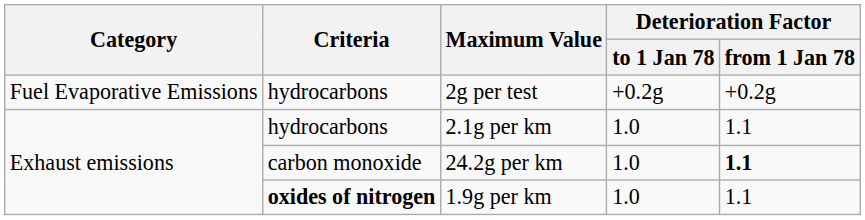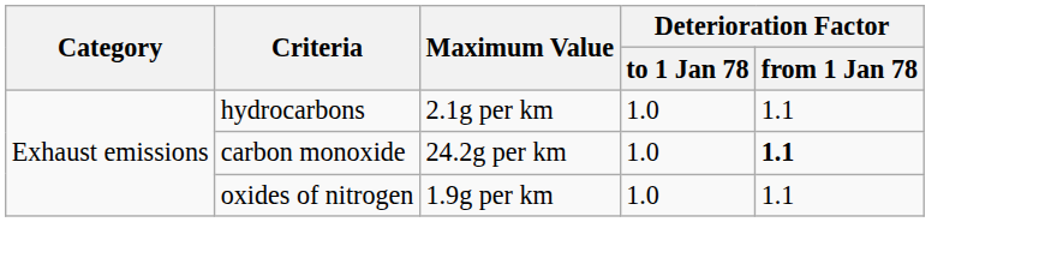 <table class="wikitable">
 <tr>
 <th rowspan="2">Category</th>
 <th rowspan="2">Criteria</th>
 <th rowspan="2">Maximum Value</th>
 <th colspan="2">Deterioration Factor</th>
 </tr>
 <tr>
 <th>to 1 Jan 78</th>
 <th>from 1 Jan 78</th>
-</tr>
-<tr>
-<td>Fuel Evaporative Emissions</td>
-<td>hydrocarbons</td>
-<td>2g per test</td>
-<td>+0.2g</td>
-<td>+0.2g</td>
 </tr>
 <tr>
 <td rowspan="3">Exhaust emissions</td>
 <td>hydrocarbons</td>
 <td>2.1g per km</td>
 <td>1.0</td>
 <td>1.1</td>
 </tr>
 <tr>
 <td>carbon monoxide</td>
 <td>24.2g per km</td>
 <td>1.0</td>
 <td><strong>1.1</strong></td>
 </tr>
 <tr>
-<td><strong>oxides of nitrogen</strong></td>
+<td>oxides of nitrogen</td>
 <td>1.9g per km</td>
 <td>1.0</td>
 <td>1.1</td>
 </tr>
 </table>
